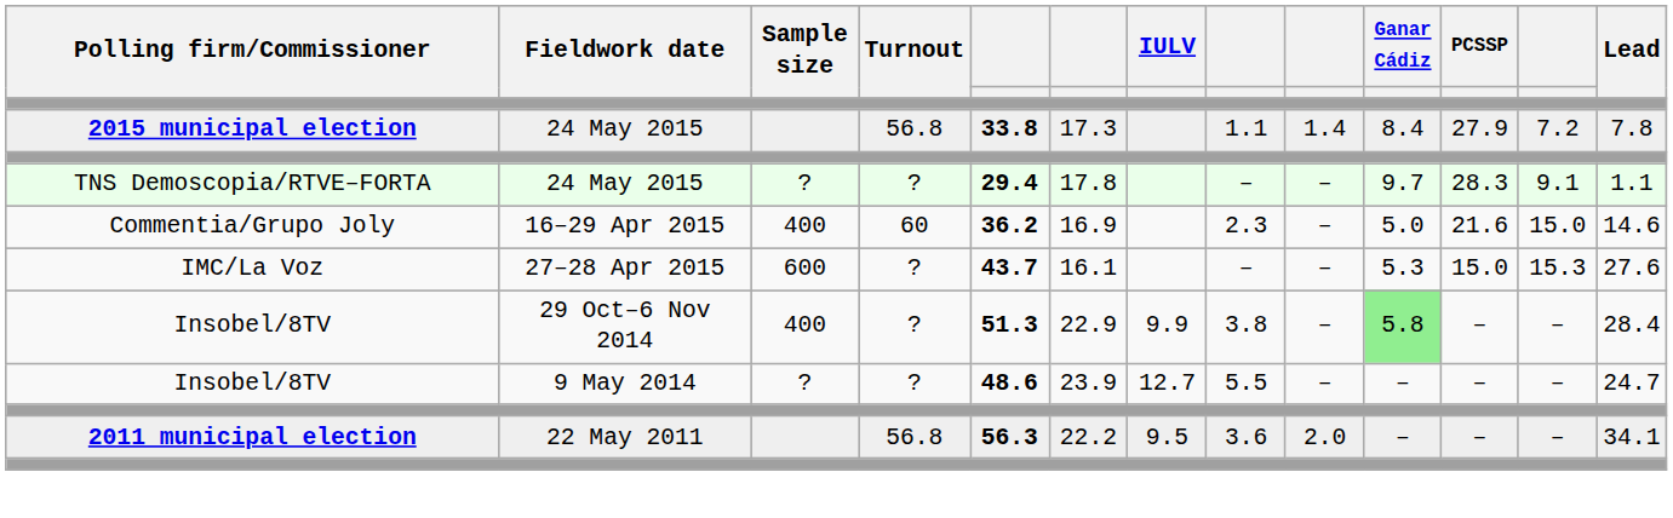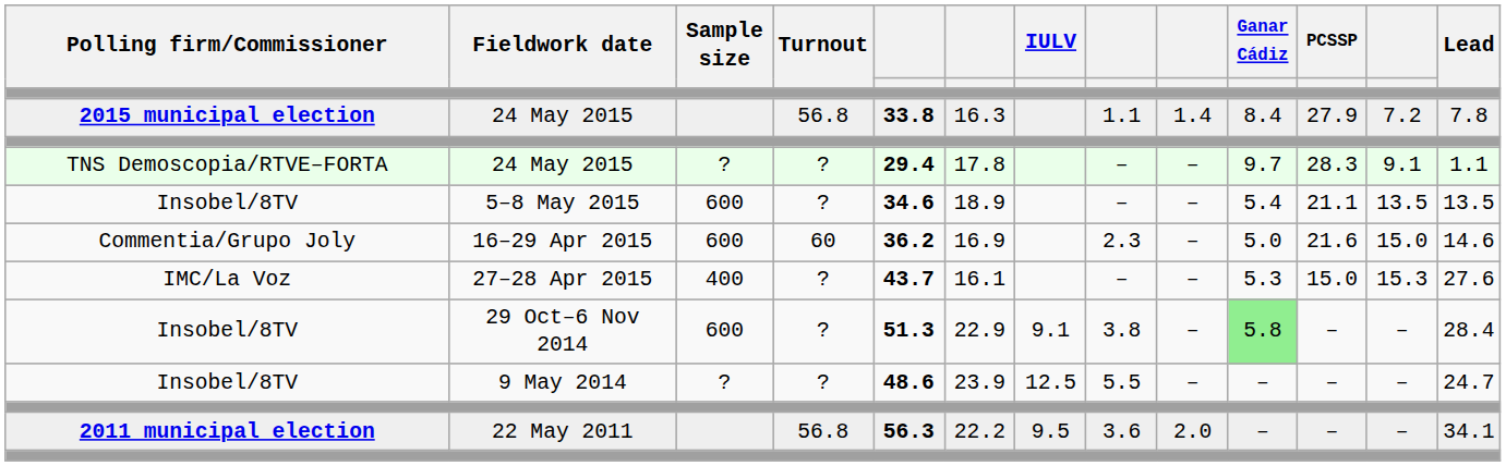 <table class="wikitable collapsible collapsed" style="text-align:center; font-size:95%; line-height:16px;">
 <tr style="height:42px;">
 <th style="width:250px;" rowspan="2">Polling firm/Commissioner</th>
 <th style="width:125px;" rowspan="2">Fieldwork date</th>
 <th style="width:50px;" rowspan="2">Sample size</th>
 <th style="width:45px;" rowspan="2">Turnout</th>
 <th style="width:35px;"></th>
 <th style="width:35px;"></th>
 <th style="width:35px;"><a href='#'>IULV</a></th>
 <th style="width:35px;"></th>
 <th style="width:35px;"></th>
 <th style="width:35px; font-size:80%;"><a href='#'>Ganar<br>Cádiz</a></th>
 <th style="width:35px; font-size:80%;">PCSSP</th>
 <th style="width:35px;"></th>
 <th style="width:30px;" rowspan="2">Lead</th>
 </tr>
 <tr>
 <th style="color:inherit;background:"></th>
 <th style="color:inherit;background:"></th>
 <th style="color:inherit;background:"></th>
 <th style="color:inherit;background:"></th>
 <th style="color:inherit;background:"></th>
 <th style="color:inherit;background:"></th>
 <th style="color:inherit;background:"></th>
 <th style="color:inherit;background:"></th>
 </tr>
 <tr>
 <td colspan="13" style="background:#A0A0A0"></td>
 </tr>
 <tr style="background:#EFEFEF;">
 <td><strong><a href='#'>2015 municipal election</a></strong></td>
 <td>24 May 2015</td>
 <td></td>
 <td>56.8</td>
 <td><strong>33.8</strong><br></td>
-<td>17.3<br></td>
+<td>16.3<br></td>
 <td></td>
 <td>1.1<br></td>
 <td>1.4<br></td>
 <td>8.4<br></td>
 <td>27.9<br></td>
 <td>7.2<br></td>
 <td style="background:">7.8</td>
 </tr>
 <tr>
 <td colspan="13" style="background:#A0A0A0"></td>
 </tr>
 <tr style="background:#EAFFEA;">
 <td>TNS Demoscopia/RTVE–FORTA</td>
 <td>24 May 2015</td>
 <td>?</td>
 <td>?</td>
 <td><strong>29.4</strong><br></td>
 <td>17.8<br></td>
 <td></td>
 <td>–</td>
 <td>–</td>
 <td>9.7<br></td>
 <td>28.3<br></td>
 <td>9.1<br></td>
 <td style="background:">1.1</td>
 </tr>
 <tr>
+<td>Insobel/8TV</td>
+<td>5–8 May 2015</td>
+<td>600</td>
+<td>?</td>
+<td><strong>34.6</strong><br></td>
+<td>18.9<br></td>
+<td></td>
+<td>–</td>
+<td>–</td>
+<td>5.4<br></td>
+<td>21.1<br></td>
+<td>13.5<br></td>
+<td style="background:">13.5</td>
+</tr>
+<tr>
 <td>Commentia/Grupo Joly</td>
 <td>16–29 Apr 2015</td>
-<td>400</td>
+<td>600</td>
 <td>60</td>
 <td><strong>36.2</strong><br></td>
 <td>16.9<br></td>
 <td></td>
 <td>2.3<br></td>
 <td>–</td>
 <td>5.0<br></td>
 <td>21.6<br></td>
 <td>15.0<br></td>
 <td style="background:">14.6</td>
 </tr>
 <tr>
 <td>IMC/La Voz</td>
 <td>27–28 Apr 2015</td>
-<td>600</td>
+<td>400</td>
 <td>?</td>
 <td><strong>43.7</strong><br></td>
 <td>16.1<br></td>
 <td></td>
 <td>–</td>
 <td>–</td>
 <td>5.3<br></td>
 <td>15.0<br></td>
 <td>15.3<br></td>
 <td style="background:">27.6</td>
 </tr>
 <tr>
 <td>Insobel/8TV</td>
 <td>29 Oct–6 Nov 2014</td>
-<td>400</td>
+<td>600</td>
 <td>?</td>
 <td><strong>51.3</strong><br></td>
 <td>22.9<br></td>
-<td>9.9<br></td>
+<td>9.1<br></td>
 <td>3.8<br></td>
 <td>–</td>
 <td style="background: lightgreen;">5.8<br></td>
 <td>–</td>
 <td>–</td>
 <td style="background:">28.4</td>
 </tr>
 <tr>
 <td>Insobel/8TV</td>
 <td>9 May 2014</td>
 <td>?</td>
 <td>?</td>
 <td><strong>48.6</strong><br></td>
 <td>23.9<br></td>
-<td>12.7<br></td>
+<td>12.5<br></td>
 <td>5.5<br></td>
 <td>–</td>
 <td>–</td>
 <td>–</td>
 <td>–</td>
 <td style="background:">24.7</td>
 </tr>
 <tr>
 <td colspan="13" style="background:#A0A0A0"></td>
 </tr>
 <tr style="background:#EFEFEF;">
 <td><strong><a href='#'>2011 municipal election</a></strong></td>
 <td>22 May 2011</td>
 <td></td>
 <td>56.8</td>
 <td><strong>56.3</strong><br></td>
 <td>22.2<br></td>
 <td>9.5<br></td>
 <td>3.6<br></td>
 <td>2.0<br></td>
 <td>–</td>
 <td>–</td>
 <td>–</td>
 <td style="background:">34.1</td>
 </tr>
 <tr>
 <td colspan="13" style="background:#A0A0A0"></td>
 </tr>
 </table>
